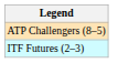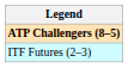 <table class=wikitable style=font-size:92%>
 <tr>
 <th>Legend</th>
 </tr>
 <tr style="background:moccasin;">
-<td>ATP Challengers (8–5)</td>
+<td><strong>ATP Challengers (8–5)</strong></td>
 </tr>
 <tr style="background:#cffcff;">
 <td>ITF Futures (2–3)</td>
 </tr>
 </table>
